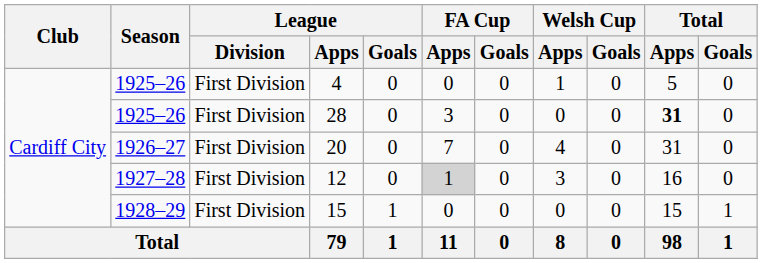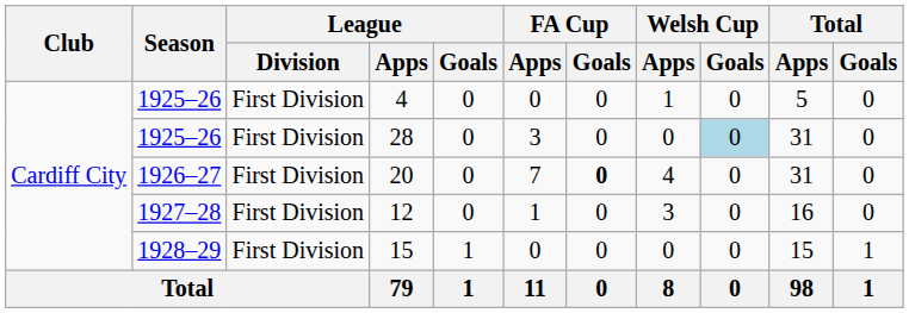 <table class="wikitable" style="text-align:center">
 <tr>
 <th rowspan="2">Club</th>
 <th rowspan="2">Season</th>
 <th colspan="3">League</th>
 <th colspan="2">FA Cup</th>
 <th colspan="2">Welsh Cup</th>
 <th colspan="2">Total</th>
 </tr>
 <tr>
 <th>Division</th>
 <th>Apps</th>
 <th>Goals</th>
 <th>Apps</th>
 <th>Goals</th>
 <th>Apps</th>
 <th>Goals</th>
 <th>Apps</th>
 <th>Goals</th>
 </tr>
 <tr>
 <td rowspan="5"><a href='#'>Cardiff City</a></td>
 <td><a href='#'>1925–26</a></td>
 <td>First Division</td>
 <td>4</td>
 <td>0</td>
 <td>0</td>
 <td>0</td>
 <td>1</td>
 <td>0</td>
 <td>5</td>
 <td>0</td>
 </tr>
 <tr>
 <td><a href='#'>1925–26</a></td>
 <td>First Division</td>
 <td>28</td>
 <td>0</td>
 <td>3</td>
 <td>0</td>
 <td>0</td>
-<td>0</td>
-<td><strong>31</strong></td>
+<td style="background: lightblue;">0</td>
+<td>31</td>
 <td>0</td>
 </tr>
 <tr>
 <td><a href='#'>1926–27</a></td>
 <td>First Division</td>
 <td>20</td>
 <td>0</td>
 <td>7</td>
-<td>0</td>
+<td><strong>0</strong></td>
 <td>4</td>
 <td>0</td>
 <td>31</td>
 <td>0</td>
 </tr>
 <tr>
 <td><a href='#'>1927–28</a></td>
 <td>First Division</td>
 <td>12</td>
 <td>0</td>
-<td style="background: lightgrey;">1</td>
+<td>1</td>
 <td>0</td>
 <td>3</td>
 <td>0</td>
 <td>16</td>
 <td>0</td>
 </tr>
 <tr>
 <td><a href='#'>1928–29</a></td>
 <td>First Division</td>
 <td>15</td>
 <td>1</td>
 <td>0</td>
 <td>0</td>
 <td>0</td>
 <td>0</td>
 <td>15</td>
 <td>1</td>
 </tr>
 <tr>
 <th colspan="3">Total</th>
 <th>79</th>
 <th>1</th>
 <th>11</th>
 <th>0</th>
 <th>8</th>
 <th>0</th>
 <th>98</th>
 <th>1</th>
 </tr>
 </table>
